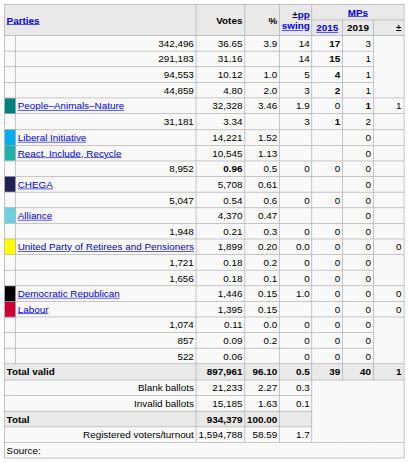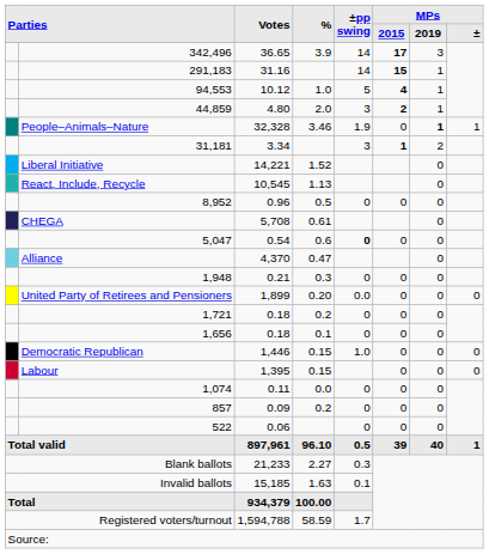 <table class="wikitable" style="text-align:right; font-size:95%;">
 <tr>
 <th rowspan="2" colspan="2" style="background:#e9e9e9; text-align:left;" alignleft><a href='#'>Parties</a></th>
 <th rowspan="2" style="background:#e9e9e9; text-align:right;">Votes</th>
 <th rowspan="2" style="background:#e9e9e9; text-align:right;">%</th>
 <th rowspan="2" style="background:#e9e9e9; text-align:right;">±<a href='#'>pp</a> <a href='#'>swing</a></th>
 <th colspan="3" style="background:#e9e9e9; text-align:center;"><a href='#'>MPs</a></th>
 </tr>
 <tr style="background-color:#E9E9E9">
 <th style="background-color:#E9E9E9;text-align:center;"><a href='#'>2015</a></th>
 <th style="background-color:#E9E9E9;text-align:center;">2019</th>
 <th style="background:#e9e9e9; text-align:right;">±</th>
 </tr>
 <tr>
 <td></td>
 <td>342,496</td>
 <td>36.65</td>
 <td>3.9</td>
 <td>14</td>
 <td><strong>17</strong></td>
 <td>3</td>
 </tr>
 <tr>
 <td></td>
 <td>291,183</td>
 <td>31.16</td>
 <td></td>
 <td>14</td>
 <td><strong>15</strong></td>
 <td>1</td>
 </tr>
 <tr>
 <td></td>
 <td>94,553</td>
 <td>10.12</td>
 <td>1.0</td>
 <td>5</td>
 <td><strong>4</strong></td>
 <td>1</td>
 </tr>
 <tr>
 <td></td>
 <td>44,859</td>
 <td>4.80</td>
 <td>2.0</td>
 <td>3</td>
 <td><strong>2</strong></td>
 <td>1</td>
 </tr>
 <tr>
 <td style="width: 10px" bgcolor="teal" align="center"></td>
 <td align="left"><a href='#'>People–Animals–Nature</a></td>
 <td>32,328</td>
 <td>3.46</td>
 <td>1.9</td>
 <td>0</td>
 <td><strong>1</strong></td>
 <td>1</td>
 </tr>
 <tr>
 <td></td>
 <td>31,181</td>
 <td>3.34</td>
 <td></td>
 <td>3</td>
 <td><strong>1</strong></td>
 <td>2</td>
 </tr>
 <tr>
 <td style="width: 10px" bgcolor="#00ADEF" align="center"></td>
 <td align="left"><a href='#'>Liberal Initiative</a></td>
 <td>14,221</td>
 <td>1.52</td>
 <td></td>
 <td></td>
 <td>0</td>
 <td></td>
 </tr>
 <tr>
 <td style="width: 10px" bgcolor=LightSeaGreen align="center"></td>
 <td align=left><a href='#'>React, Include, Recycle</a></td>
 <td>10,545</td>
 <td>1.13</td>
 <td></td>
 <td></td>
 <td>0</td>
 <td></td>
 </tr>
 <tr>
 <td></td>
 <td>8,952</td>
-<td><strong>0.96</strong></td>
+<td>0.96</td>
 <td>0.5</td>
 <td>0</td>
 <td>0</td>
 <td>0</td>
 </tr>
 <tr>
 <td style="width: 10px" bgcolor="#202056" align="center"></td>
 <td align="left"><a href='#'>CHEGA</a></td>
 <td>5,708</td>
 <td>0.61</td>
 <td></td>
 <td></td>
 <td>0</td>
 <td></td>
 </tr>
 <tr>
 <td></td>
 <td>5,047</td>
 <td>0.54</td>
 <td>0.6</td>
-<td>0</td>
+<td><strong>0</strong></td>
 <td>0</td>
 <td>0</td>
 </tr>
 <tr>
 <td style="width: 10px" bgcolor="#6AD1E3" align="center"></td>
 <td align="left"><a href='#'>Alliance</a></td>
 <td>4,370</td>
 <td>0.47</td>
 <td></td>
 <td></td>
 <td>0</td>
 <td></td>
 </tr>
 <tr>
 <td></td>
 <td>1,948</td>
 <td>0.21</td>
 <td>0.3</td>
 <td>0</td>
 <td>0</td>
 <td>0</td>
 </tr>
 <tr>
 <td style="width: 10px" bgcolor=yellow align="center"></td>
 <td align=left><a href='#'>United Party of Retirees and Pensioners</a></td>
 <td>1,899</td>
 <td>0.20</td>
 <td>0.0</td>
 <td>0</td>
 <td>0</td>
 <td>0</td>
 </tr>
 <tr>
 <td></td>
 <td>1,721</td>
 <td>0.18</td>
 <td>0.2</td>
 <td>0</td>
 <td>0</td>
 <td>0</td>
 </tr>
 <tr>
 <td></td>
 <td>1,656</td>
 <td>0.18</td>
 <td>0.1</td>
 <td>0</td>
 <td>0</td>
 <td>0</td>
 </tr>
 <tr>
 <td style="width: 10px" bgcolor=black align="center"></td>
 <td align=left><a href='#'>Democratic Republican</a></td>
 <td>1,446</td>
 <td>0.15</td>
 <td>1.0</td>
 <td>0</td>
 <td>0</td>
 <td>0</td>
 </tr>
 <tr>
 <td style="width: 10px" bgcolor=#CC0033 align="center"></td>
 <td align=left><a href='#'>Labour</a></td>
 <td>1,395</td>
 <td>0.15</td>
 <td></td>
 <td>0</td>
 <td>0</td>
 <td>0</td>
 </tr>
 <tr>
 <td></td>
 <td>1,074</td>
 <td>0.11</td>
 <td>0.0</td>
 <td>0</td>
 <td>0</td>
 <td>0</td>
 </tr>
 <tr>
 <td></td>
 <td>857</td>
 <td>0.09</td>
 <td>0.2</td>
 <td>0</td>
 <td>0</td>
 <td>0</td>
 </tr>
 <tr>
 <td></td>
 <td>522</td>
 <td>0.06</td>
 <td></td>
 <td>0</td>
 <td>0</td>
 <td>0</td>
 </tr>
 <tr>
 <td colspan=2 align=left style="background-color:#E9E9E9"><strong>Total valid</strong></td>
 <td width="65" align="right" style="background-color:#E9E9E9"><strong>897,961</strong></td>
 <td width="40" align="right" style="background-color:#E9E9E9"><strong>96.10</strong></td>
 <td width="40" align="right" style="background-color:#E9E9E9"><strong>0.5</strong></td>
 <td width="40" align="right" style="background-color:#E9E9E9"><strong>39</strong></td>
 <td width="40" align="right" style="background-color:#E9E9E9"><strong>40</strong></td>
 <td width="40" align="right" style="background-color:#E9E9E9"><strong>1</strong></td>
 </tr>
 <tr>
 <td colspan=2>Blank ballots</td>
 <td>21,233</td>
 <td>2.27</td>
 <td>0.3</td>
 <td colspan=4 rowspan=4></td>
 </tr>
 <tr>
 <td colspan=2>Invalid ballots</td>
 <td>15,185</td>
 <td>1.63</td>
 <td>0.1</td>
 </tr>
 <tr>
 <td colspan=2 width="259" align=left style="background-color:#E9E9E9"><strong>Total</strong></td>
 <td width="50" align="right" style="background-color:#E9E9E9"><strong>934,379</strong></td>
 <td width="40" align="right" style="background-color:#E9E9E9"><strong>100.00</strong></td>
 <td width="40" align="right" style="background-color:#E9E9E9"></td>
 </tr>
 <tr>
 <td colspan=2>Registered voters/turnout</td>
 <td>1,594,788</td>
 <td>58.59</td>
 <td>1.7</td>
 </tr>
 <tr>
 <td colspan=11 align=left>Source: </td>
 </tr>
 </table>
